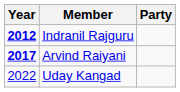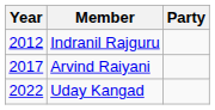 <table class="wikitable sortable">
 <tr>
 <th>Year</th>
 <th>Member</th>
 <th colspan="2">Party</th>
 </tr>
 <tr>
-<td><strong><a href='#'>2012</a></strong></td>
+<td><a href='#'>2012</a></td>
 <td><a href='#'>Indranil Rajguru</a></td>
 <td></td>
 </tr>
 <tr>
-<td><strong><a href='#'>2017</a></strong></td>
+<td><a href='#'>2017</a></td>
 <td><a href='#'>Arvind Raiyani</a></td>
 <td></td>
 </tr>
 <tr>
 <td><a href='#'>2022</a></td>
 <td><a href='#'>Uday Kangad</a></td>
 </tr>
 </table>
